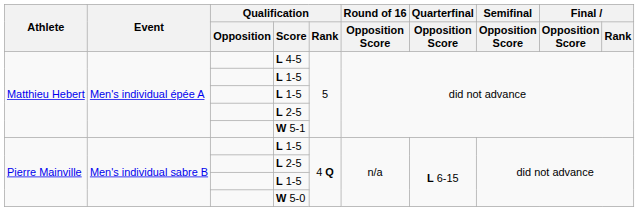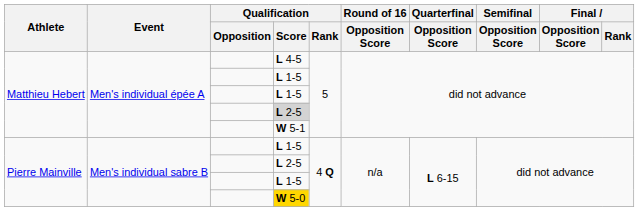 <table class=wikitable style="font-size:90%">
 <tr>
 <th rowspan="2">Athlete</th>
 <th rowspan="2">Event</th>
 <th colspan="3">Qualification</th>
 <th>Round of 16</th>
 <th>Quarterfinal</th>
 <th>Semifinal</th>
 <th colspan="2">Final / </th>
 </tr>
 <tr>
 <th>Opposition</th>
 <th>Score</th>
 <th>Rank</th>
 <th>Opposition<br>Score</th>
 <th>Opposition<br>Score</th>
 <th>Opposition<br>Score</th>
 <th>Opposition<br>Score</th>
 <th>Rank</th>
 </tr>
 <tr align=center>
 <td align=left rowspan=5><a href='#'>Matthieu Hebert</a></td>
 <td align=left rowspan=5><a href='#'>Men's individual épée A</a></td>
 <td align=left></td>
 <td align=left><strong>L</strong> 4-5</td>
 <td rowspan=5>5</td>
 <td rowspan=5 colspan=5>did not advance</td>
 </tr>
 <tr>
 <td></td>
 <td><strong>L</strong> 1-5</td>
 </tr>
 <tr>
 <td></td>
 <td><strong>L</strong> 1-5</td>
 </tr>
 <tr>
 <td></td>
-<td><strong>L</strong> 2-5</td>
+<td style="background: lightgrey;"><strong>L</strong> 2-5</td>
 </tr>
 <tr>
 <td></td>
 <td><strong>W</strong> 5-1</td>
 </tr>
 <tr align=center>
 <td align=left rowspan=4><a href='#'>Pierre Mainville</a></td>
 <td align=left rowspan=4><a href='#'>Men's individual sabre B</a></td>
 <td align=left></td>
 <td align=left><strong>L</strong> 1-5</td>
 <td rowspan=4>4 <strong>Q</strong></td>
 <td rowspan=4>n/a</td>
 <td rowspan=4><br> <strong>L</strong> 6-15</td>
 <td rowspan=4 colspan=3>did not advance</td>
 </tr>
 <tr>
 <td></td>
 <td><strong>L</strong> 2-5</td>
 </tr>
 <tr>
 <td></td>
 <td><strong>L</strong> 1-5</td>
 </tr>
 <tr>
 <td></td>
-<td><strong>W</strong> 5-0</td>
+<td style="background: gold;"><strong>W</strong> 5-0</td>
 </tr>
 </table>
